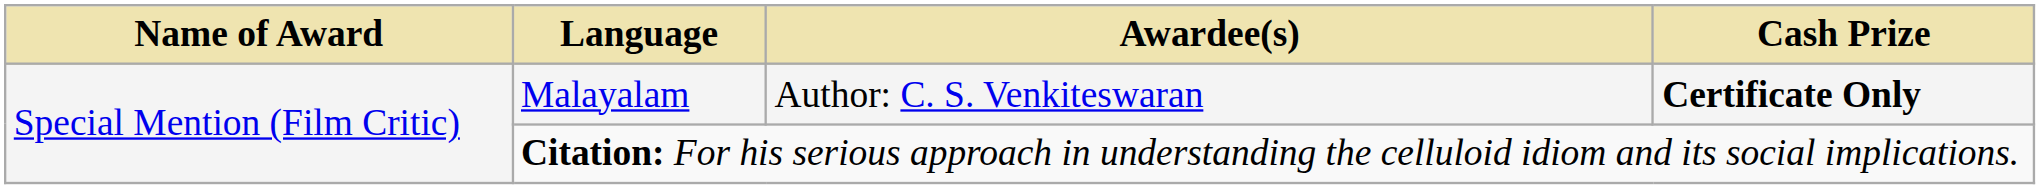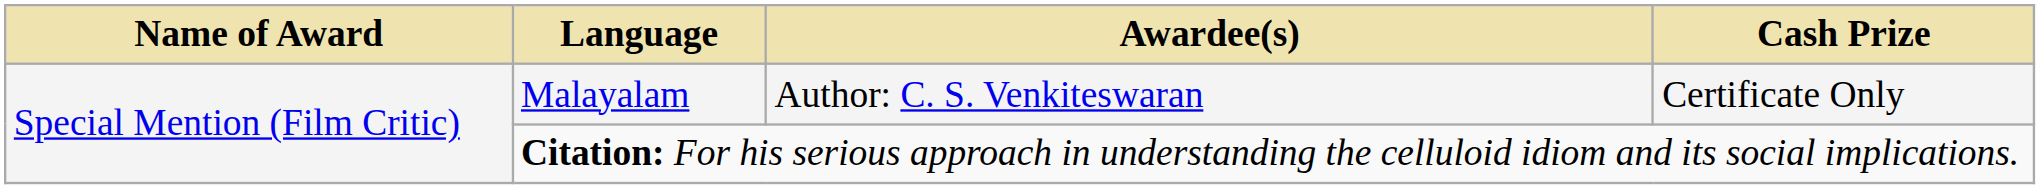 <table class="wikitable">
 <tr>
 <th style="background-color:#EFE4B0;width:20%;">Name of Award</th>
 <th style="background-color:#EFE4B0;width:10%;">Language</th>
 <th style="background-color:#EFE4B0;width:35%;">Awardee(s)</th>
 <th style="background-color:#EFE4B0;width:15%;">Cash Prize</th>
 </tr>
 <tr style="background-color:#F4F4F4">
 <td rowspan="2"><a href='#'>Special Mention (Film Critic)</a></td>
 <td><a href='#'>Malayalam</a></td>
 <td>Author: <a href='#'>C. S. Venkiteswaran</a></td>
-<td><strong>Certificate Only</strong></td>
+<td>Certificate Only</td>
 </tr>
 <tr style="background-color:#F9F9F9">
 <td colspan="4"><strong>Citation:</strong> <em>For his serious approach in understanding the celluloid idiom and its social implications.</em></td>
 </tr>
 </table>
